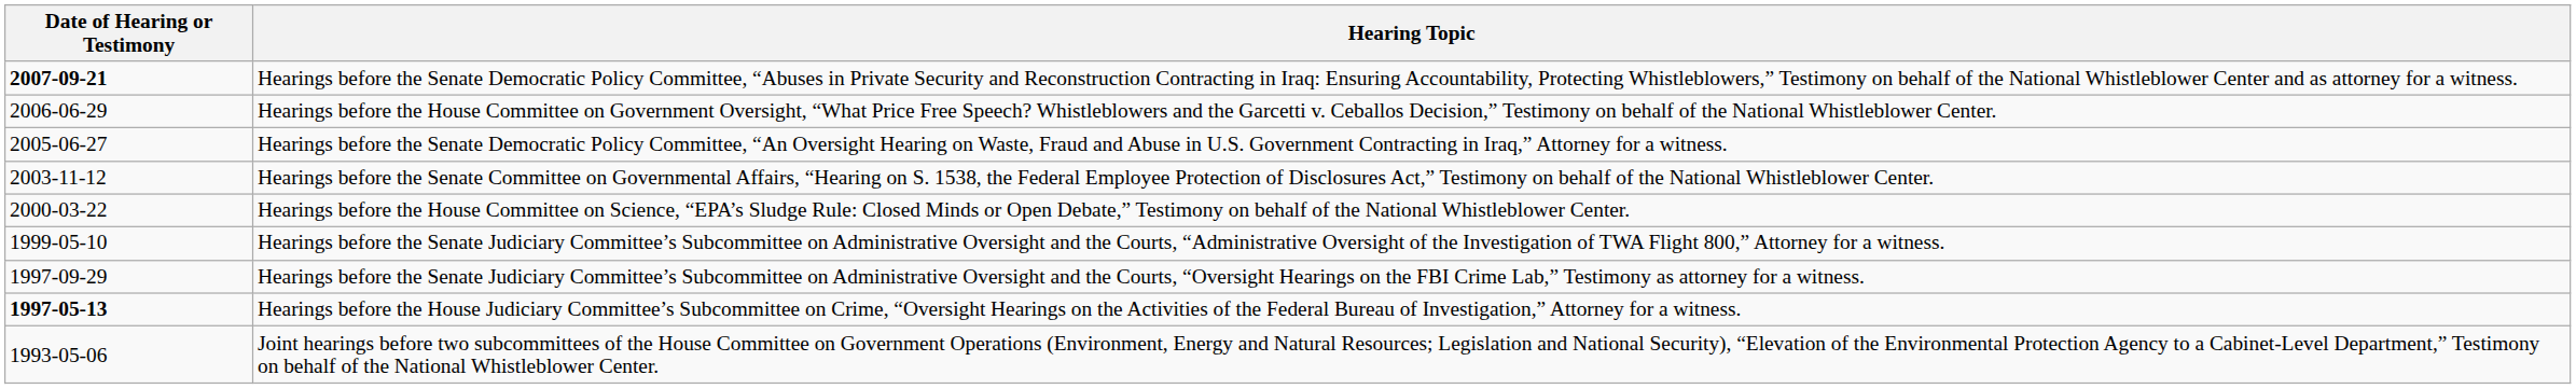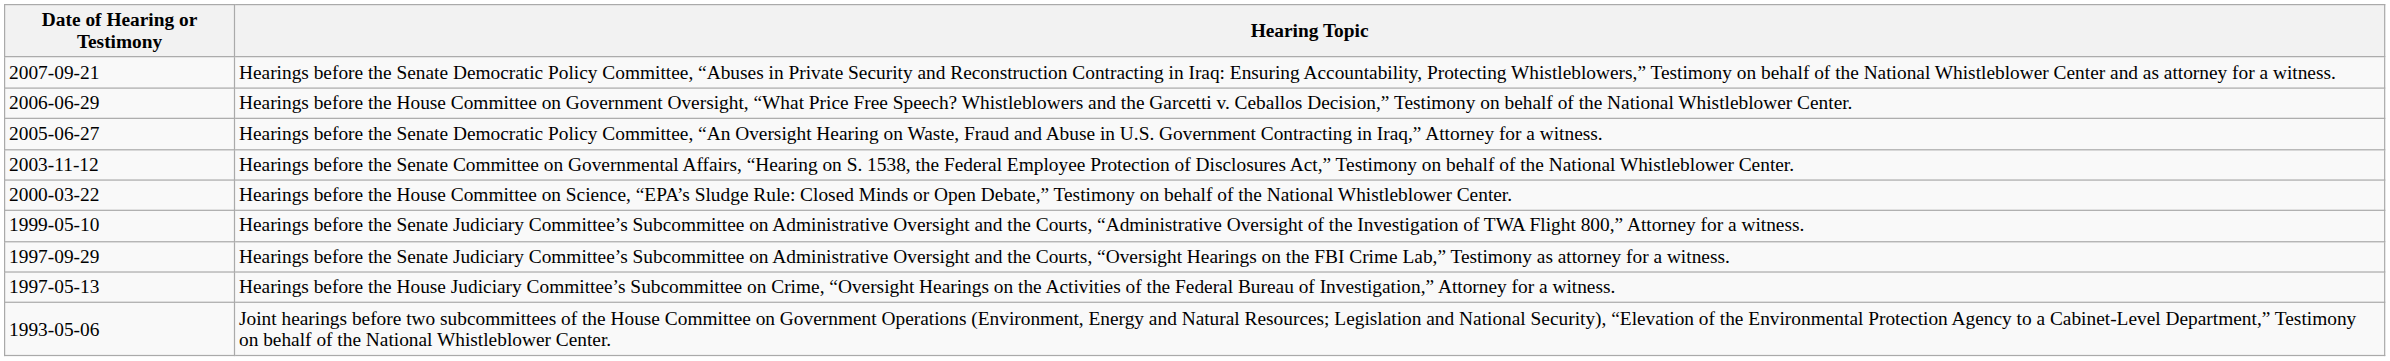 <table class="wikitable">
 <tr>
 <th>Date of Hearing or Testimony</th>
 <th>Hearing Topic</th>
 </tr>
 <tr>
-<td><strong>2007-09-21</strong></td>
+<td>2007-09-21</td>
 <td>Hearings before the Senate Democratic Policy Committee, “Abuses in Private Security and Reconstruction Contracting in Iraq: Ensuring Accountability, Protecting Whistleblowers,” Testimony on behalf of the National Whistleblower Center and as attorney for a witness.</td>
 </tr>
 <tr>
 <td>2006-06-29</td>
 <td>Hearings before the House Committee on Government Oversight, “What Price Free Speech? Whistleblowers and the Garcetti v. Ceballos Decision,” Testimony on behalf of the National Whistleblower Center.</td>
 </tr>
 <tr>
 <td>2005-06-27</td>
 <td>Hearings before the Senate Democratic Policy Committee, “An Oversight Hearing on Waste, Fraud and Abuse in U.S. Government Contracting in Iraq,” Attorney for a witness.</td>
 </tr>
 <tr>
 <td>2003-11-12</td>
 <td>Hearings before the Senate Committee on Governmental Affairs, “Hearing on S. 1538, the Federal Employee Protection of Disclosures Act,” Testimony on behalf of the National Whistleblower Center.</td>
 </tr>
 <tr>
 <td>2000-03-22</td>
 <td>Hearings before the House Committee on Science, “EPA’s Sludge Rule: Closed Minds or Open Debate,” Testimony on behalf of the National Whistleblower Center.</td>
 </tr>
 <tr>
 <td>1999-05-10</td>
 <td>Hearings before the Senate Judiciary Committee’s Subcommittee on Administrative Oversight and the Courts, “Administrative Oversight of the Investigation of TWA Flight 800,” Attorney for a witness.</td>
 </tr>
 <tr>
 <td>1997-09-29</td>
 <td>Hearings before the Senate Judiciary Committee’s Subcommittee on Administrative Oversight and the Courts, “Oversight Hearings on the FBI Crime Lab,” Testimony as attorney for a witness.</td>
 </tr>
 <tr>
-<td><strong>1997-05-13</strong></td>
+<td>1997-05-13</td>
 <td>Hearings before the House Judiciary Committee’s Subcommittee on Crime, “Oversight Hearings on the Activities of the Federal Bureau of Investigation,” Attorney for a witness.</td>
 </tr>
 <tr>
 <td>1993-05-06</td>
 <td>Joint hearings before two subcommittees of the House Committee on Government Operations (Environment, Energy and Natural Resources; Legislation and National Security), “Elevation of the Environmental Protection Agency to a Cabinet-Level Department,” Testimony on behalf of the National Whistleblower Center.</td>
 </tr>
 </table>
